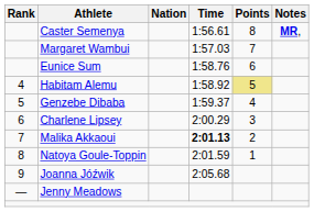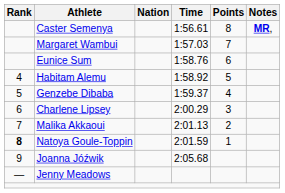 <table class="wikitable mw-datatable sortable" style="text-align:center;">
 <tr>
 <th>Rank</th>
 <th>Athlete</th>
 <th>Nation</th>
 <th>Time</th>
 <th>Points</th>
 <th>Notes</th>
 </tr>
 <tr>
 <td></td>
 <td align=left><a href='#'>Caster Semenya</a></td>
 <td align=left></td>
 <td>1:56.61</td>
 <td>8</td>
 <td><strong><a href='#'>MR</a></strong>, </td>
 </tr>
 <tr>
 <td></td>
 <td align=left><a href='#'>Margaret Wambui</a></td>
 <td align=left></td>
 <td>1:57.03</td>
 <td>7</td>
 <td></td>
 </tr>
 <tr>
 <td></td>
 <td align=left><a href='#'>Eunice Sum</a></td>
 <td align=left></td>
 <td>1:58.76</td>
 <td>6</td>
 <td></td>
 </tr>
 <tr>
 <td>4</td>
 <td align=left><a href='#'>Habitam Alemu</a></td>
 <td align=left></td>
 <td>1:58.92</td>
-<td style="background: khaki;">5</td>
+<td>5</td>
 <td></td>
 </tr>
 <tr>
 <td>5</td>
 <td align=left><a href='#'>Genzebe Dibaba</a></td>
 <td align=left></td>
 <td>1:59.37</td>
 <td>4</td>
 <td></td>
 </tr>
 <tr>
 <td>6</td>
 <td align=left><a href='#'>Charlene Lipsey</a></td>
 <td align=left></td>
 <td>2:00.29</td>
 <td>3</td>
 <td></td>
 </tr>
 <tr>
 <td>7</td>
 <td align=left><a href='#'>Malika Akkaoui</a></td>
 <td align=left></td>
-<td><strong>2:01.13</strong></td>
+<td>2:01.13</td>
 <td>2</td>
 <td></td>
 </tr>
 <tr>
-<td>8</td>
+<td><strong>8</strong></td>
 <td align=left><a href='#'>Natoya Goule-Toppin</a></td>
 <td align=left></td>
 <td>2:01.59</td>
 <td>1</td>
 <td></td>
 </tr>
 <tr>
 <td>9</td>
 <td align=left><a href='#'>Joanna Jóźwik</a></td>
 <td align=left></td>
 <td>2:05.68</td>
 <td></td>
 <td></td>
 </tr>
 <tr>
 <td>—</td>
 <td align=left><a href='#'>Jenny Meadows</a></td>
 <td align=left></td>
 <td></td>
 <td></td>
 <td></td>
 </tr>
 <tr class="sortbottom">
 <td colspan=6></td>
 </tr>
 </table>
